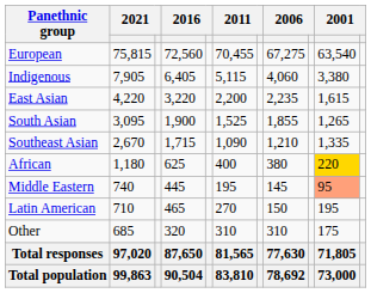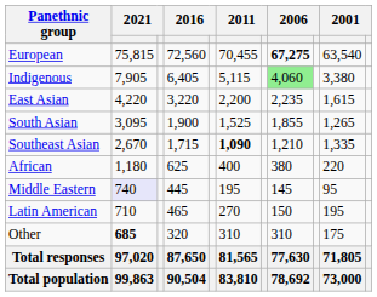 <table class="wikitable collapsible sortable">
 <tr>
 <th rowspan="2"><a href='#'>Panethnic</a><br>group</th>
 <th colspan="2">2021</th>
 <th colspan="2">2016</th>
 <th colspan="2">2011</th>
 <th colspan="2">2006</th>
 <th colspan="2">2001</th>
 </tr>
 <tr>
 <th><a href='#'></a></th>
 <th></th>
 <th></th>
 <th></th>
 <th></th>
 <th></th>
 <th></th>
 <th></th>
 <th></th>
 <th></th>
 </tr>
 <tr>
 <td><a href='#'>European</a></td>
 <td>75,815</td>
 <td></td>
 <td>72,560</td>
 <td></td>
 <td>70,455</td>
 <td></td>
-<td>67,275</td>
+<td><strong>67,275</strong></td>
 <td></td>
 <td>63,540</td>
 <td></td>
 </tr>
 <tr>
 <td><a href='#'>Indigenous</a></td>
 <td>7,905</td>
 <td></td>
 <td>6,405</td>
 <td></td>
 <td>5,115</td>
 <td></td>
-<td>4,060</td>
+<td style="background: lightgreen;">4,060</td>
 <td></td>
 <td>3,380</td>
 <td></td>
 </tr>
 <tr>
 <td><a href='#'>East Asian</a></td>
 <td>4,220</td>
 <td></td>
 <td>3,220</td>
 <td></td>
 <td>2,200</td>
 <td></td>
 <td>2,235</td>
 <td></td>
 <td>1,615</td>
 <td></td>
 </tr>
 <tr>
 <td><a href='#'>South Asian</a></td>
 <td>3,095</td>
 <td></td>
 <td>1,900</td>
 <td></td>
 <td>1,525</td>
 <td></td>
 <td>1,855</td>
 <td></td>
 <td>1,265</td>
 <td></td>
 </tr>
 <tr>
 <td><a href='#'>Southeast Asian</a></td>
 <td>2,670</td>
 <td></td>
 <td>1,715</td>
 <td></td>
-<td>1,090</td>
+<td><strong>1,090</strong></td>
 <td></td>
 <td>1,210</td>
 <td></td>
 <td>1,335</td>
 <td></td>
 </tr>
 <tr>
 <td><a href='#'>African</a></td>
 <td>1,180</td>
 <td></td>
 <td>625</td>
 <td></td>
 <td>400</td>
 <td></td>
 <td>380</td>
 <td></td>
-<td style="background: gold;">220</td>
+<td>220</td>
 <td></td>
 </tr>
 <tr>
 <td><a href='#'>Middle Eastern</a></td>
-<td>740</td>
+<td style="background: lavender;">740</td>
 <td></td>
 <td>445</td>
 <td></td>
 <td>195</td>
 <td></td>
 <td>145</td>
 <td></td>
-<td style="background: lightsalmon;">95</td>
+<td>95</td>
 <td></td>
 </tr>
 <tr>
 <td><a href='#'>Latin American</a></td>
 <td>710</td>
 <td></td>
 <td>465</td>
 <td></td>
 <td>270</td>
 <td></td>
 <td>150</td>
 <td></td>
 <td>195</td>
 <td></td>
 </tr>
 <tr>
 <td>Other</td>
-<td>685</td>
+<td><strong>685</strong></td>
 <td></td>
 <td>320</td>
 <td></td>
 <td>310</td>
 <td></td>
 <td>310</td>
 <td></td>
 <td>175</td>
 <td></td>
 </tr>
 <tr>
 <th>Total responses</th>
 <th>97,020</th>
 <th></th>
 <th>87,650</th>
 <th></th>
 <th>81,565</th>
 <th></th>
 <th>77,630</th>
 <th></th>
 <th>71,805</th>
 <th></th>
 </tr>
 <tr>
 <th>Total population</th>
 <th>99,863</th>
 <th></th>
 <th>90,504</th>
 <th></th>
 <th>83,810</th>
 <th></th>
 <th>78,692</th>
 <th></th>
 <th>73,000</th>
 <th></th>
 </tr>
 </table>
